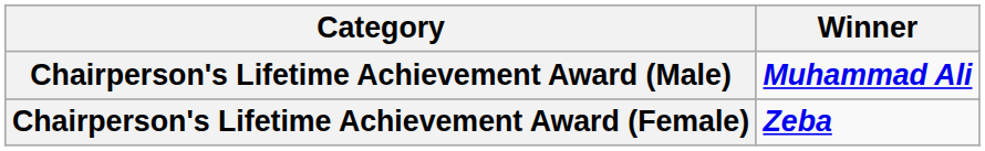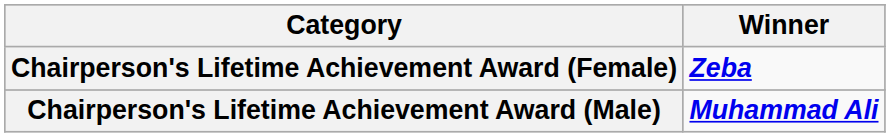 <table class="wikitable style">
 <tr>
 <th>Category</th>
 <th>Winner</th>
 </tr>
 <tr>
+<th><strong>Chairperson's Lifetime Achievement Award (Female)</strong></th>
+<td><strong><em><a href='#'>Zeba</a></em></strong></td>
+</tr>
+<tr>
 <th><strong>Chairperson's Lifetime Achievement Award (Male)</strong></th>
 <td><strong><em><a href='#'>Muhammad Ali</a></em></strong></td>
 </tr>
-<tr>
-<th><strong>Chairperson's Lifetime Achievement Award (Female)</strong></th>
-<td><strong><em><a href='#'>Zeba</a></em></strong></td>
-</tr>
 </table>
